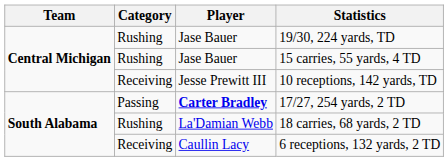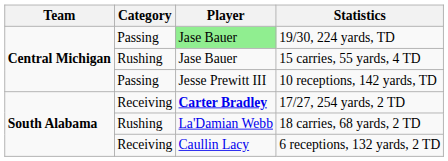 <table class="wikitable" style="float: right;">
 <tr>
 <th>Team</th>
 <th>Category</th>
 <th>Player</th>
 <th>Statistics</th>
 </tr>
 <tr>
 <td rowspan=3><strong>Central Michigan</strong></td>
-<td>Rushing</td>
-<td>Jase Bauer</td>
+<td>Passing</td>
+<td style="background: lightgreen;">Jase Bauer</td>
 <td>19/30, 224 yards, TD</td>
 </tr>
 <tr>
 <td>Rushing</td>
 <td>Jase Bauer</td>
 <td>15 carries, 55 yards, 4 TD</td>
 </tr>
 <tr>
-<td>Receiving</td>
+<td>Passing</td>
 <td>Jesse Prewitt III</td>
 <td>10 receptions, 142 yards, TD</td>
 </tr>
 <tr>
 <td rowspan=3><strong>South Alabama</strong></td>
-<td>Passing</td>
+<td>Receiving</td>
 <td><strong><a href='#'>Carter Bradley</a></strong></td>
 <td>17/27, 254 yards, 2 TD</td>
 </tr>
 <tr>
 <td>Rushing</td>
 <td><a href='#'>La'Damian Webb</a></td>
 <td>18 carries, 68 yards, 2 TD</td>
 </tr>
 <tr>
 <td>Receiving</td>
 <td><a href='#'>Caullin Lacy</a></td>
 <td>6 receptions, 132 yards, 2 TD</td>
 </tr>
 </table>
